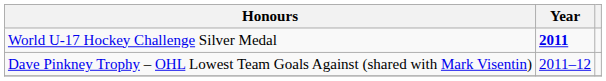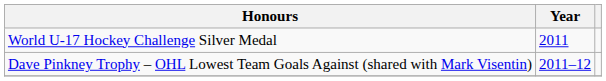 <table class="wikitable">
 <tr>
 <th>Honours</th>
 <th>Year</th>
 <th></th>
 </tr>
 <tr>
 <td><a href='#'>World U-17 Hockey Challenge</a> Silver Medal</td>
-<td><strong><a href='#'>2011</a></strong></td>
+<td><a href='#'>2011</a></td>
 <td></td>
 </tr>
 <tr>
 <td><a href='#'>Dave Pinkney Trophy</a> – <a href='#'>OHL</a> Lowest Team Goals Against (shared with <a href='#'>Mark Visentin</a>)</td>
 <td><a href='#'>2011–12</a></td>
 <td></td>
 </tr>
 <tr>
 </tr>
 </table>
